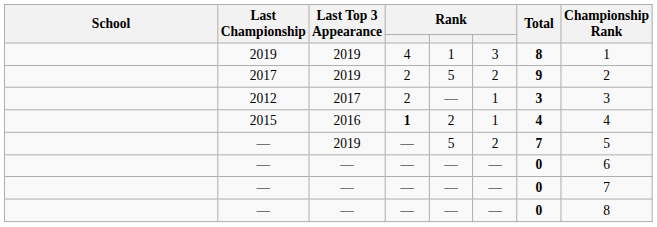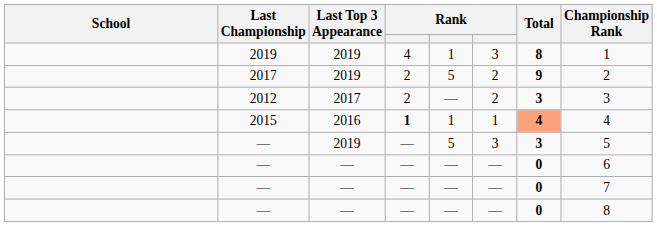 <table class="wikitable sortable" style="text align:center; font-size:90%;">
 <tr bgcolor="#efefef">
 <th rowspan=2 width=220px>School</th>
 <th rowspan=2>Last<br>Championship</th>
 <th rowspan=2>Last Top 3<br>Appearance</th>
 <th colspan=3>Rank</th>
 <th rowspan=2 width=40px>Total</th>
 <th rowspan=2 width=40px>Championship Rank</th>
 </tr>
 <tr>
 <th width=40px></th>
 <th width=40px></th>
 <th width=40px></th>
 </tr>
 <tr>
 <td></td>
 <td align="center">2019</td>
 <td align="center">2019</td>
 <td align="center">4</td>
 <td align="center">1</td>
 <td align="center">3</td>
 <td align="center"><strong>8</strong></td>
 <td align="center">1</td>
 </tr>
 <tr>
 <td></td>
 <td align="center">2017</td>
 <td align="center">2019</td>
 <td align="center">2</td>
 <td align="center">5</td>
 <td align="center">2</td>
 <td align="center"><strong>9</strong></td>
 <td align="center">2</td>
 </tr>
 <tr>
 <td></td>
 <td align="center">2012</td>
 <td align="center">2017</td>
 <td align="center">2</td>
 <td align="center">—</td>
-<td align="center">1</td>
+<td align="center">2</td>
 <td align="center"><strong>3</strong></td>
 <td align="center">3</td>
 </tr>
 <tr>
 <td></td>
 <td align="center">2015</td>
 <td align="center">2016</td>
 <td align="center"><strong>1</strong></td>
-<td align="center">2</td>
 <td align="center">1</td>
-<td align="center"><strong>4</strong></td>
+<td align="center">1</td>
+<td align="center" style="background: lightsalmon;"><strong>4</strong></td>
 <td align="center">4</td>
 </tr>
 <tr>
 <td></td>
 <td align="center">—</td>
 <td align="center">2019</td>
 <td align="center">—</td>
 <td align="center">5</td>
-<td align="center">2</td>
-<td align="center"><strong>7</strong></td>
+<td align="center">3</td>
+<td align="center"><strong>3</strong></td>
 <td align="center">5</td>
 </tr>
 <tr>
 <td></td>
 <td align="center">—</td>
 <td align="center">—</td>
 <td align="center">—</td>
 <td align="center">—</td>
 <td align="center">—</td>
 <td align="center"><strong>0</strong></td>
 <td align="center">6</td>
 </tr>
 <tr>
 <td></td>
 <td align="center">—</td>
 <td align="center">—</td>
 <td align="center">—</td>
 <td align="center">—</td>
 <td align="center">—</td>
 <td align="center"><strong>0</strong></td>
 <td align="center">7</td>
 </tr>
 <tr>
 <td></td>
 <td align="center">—</td>
 <td align="center">—</td>
 <td align="center">—</td>
 <td align="center">—</td>
 <td align="center">—</td>
 <td align="center"><strong>0</strong></td>
 <td align="center">8</td>
 </tr>
 </table>
